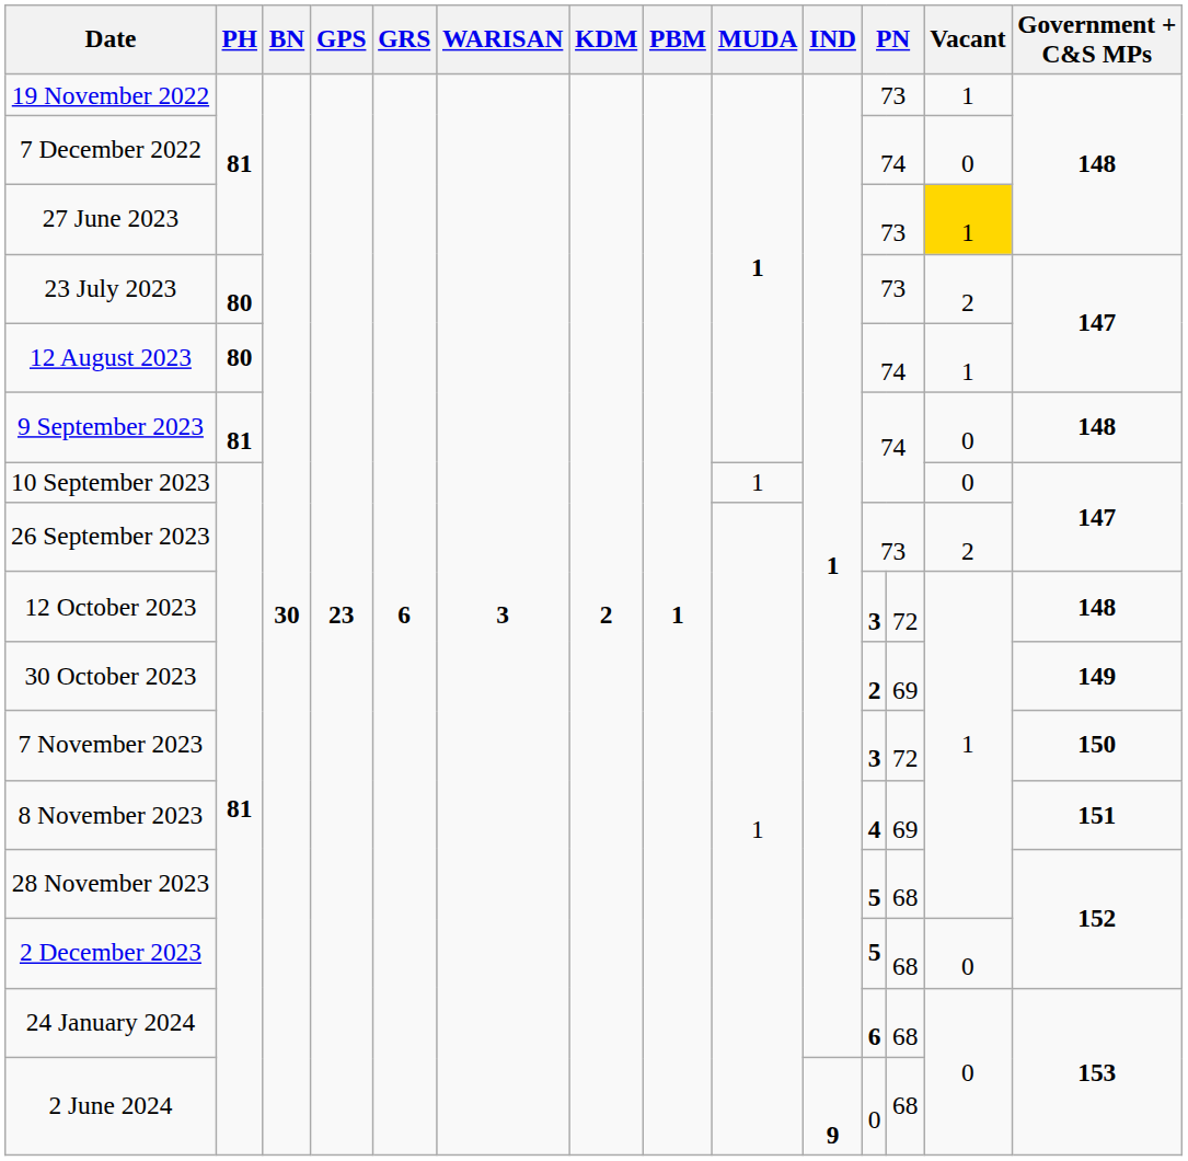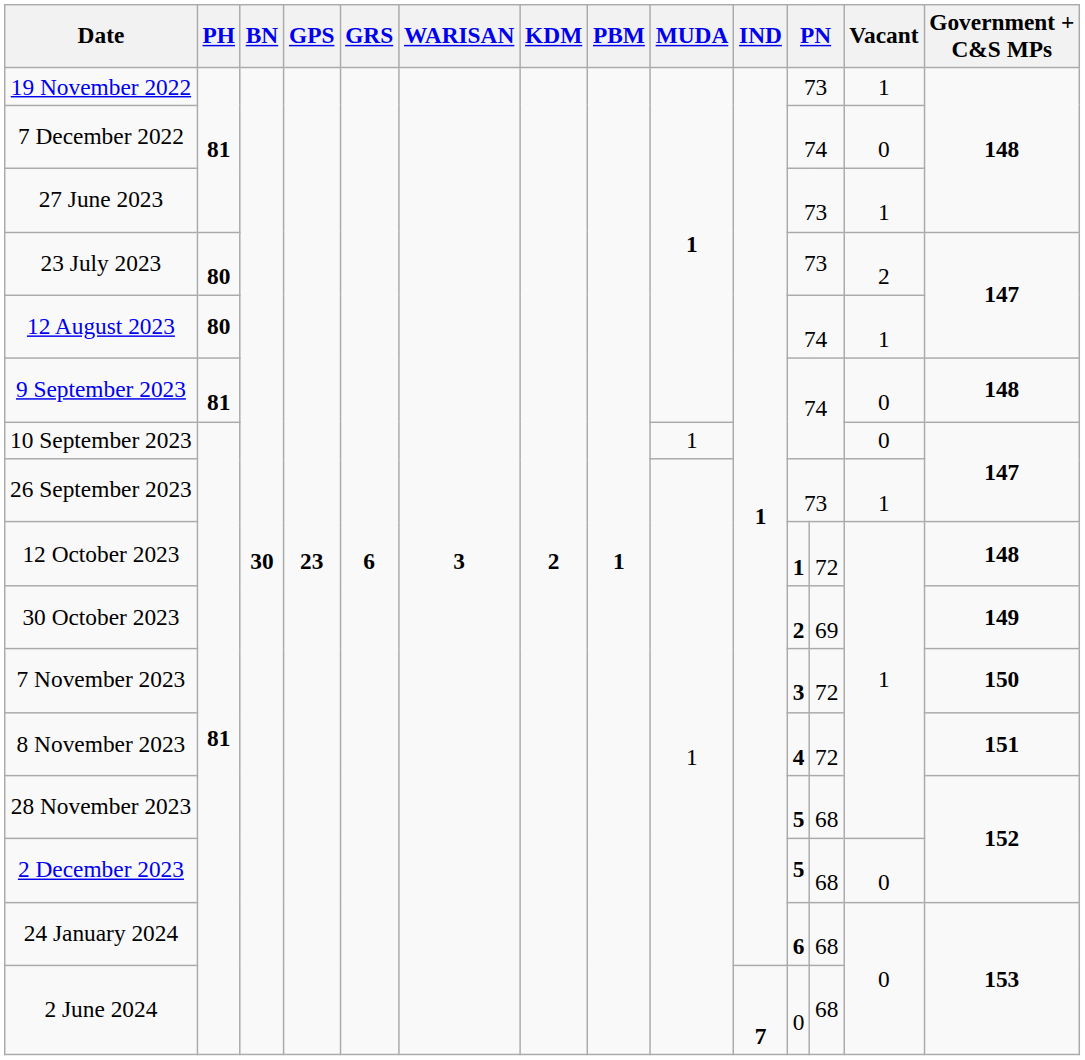 <table class="wikitable" style="text-align:center">
 <tr>
 <th>Date</th>
 <th><a href='#'>PH</a></th>
 <th><a href='#'>BN</a></th>
 <th><a href='#'>GPS</a></th>
 <th><a href='#'>GRS</a></th>
 <th><a href='#'>WARISAN</a></th>
 <th><a href='#'>KDM</a></th>
 <th><a href='#'>PBM</a></th>
 <th><a href='#'>MUDA</a></th>
 <th><a href='#'>IND</a></th>
 <th colspan="2"><a href='#'>PN</a></th>
 <th>Vacant</th>
 <th>Government  + <br> C&S  MPs</th>
 </tr>
 <tr>
 <td><a href='#'>19 November 2022</a></td>
 <td rowspan="3"><strong>81</strong></td>
 <td rowspan="16"><strong>30</strong></td>
 <td rowspan="16"><strong>23</strong></td>
 <td rowspan="16"><strong>6</strong></td>
 <td rowspan="16"><strong>3</strong></td>
 <td rowspan="16"><strong>2</strong></td>
 <td rowspan="16"><strong>1</strong></td>
 <td rowspan="6"><strong>1</strong></td>
 <td rowspan="15"><strong>1</strong> </td>
 <td colspan="2">73</td>
 <td>1 </td>
 <td rowspan="3"><strong>148</strong></td>
 </tr>
 <tr>
 <td>7 December 2022</td>
 <td colspan="2"> <br> 74</td>
 <td> <br> 0</td>
 </tr>
 <tr>
 <td>27 June 2023</td>
 <td colspan="2"> <br> 73</td>
-<td style="background: gold;"> <br> 1</td>
+<td> <br> 1</td>
 </tr>
 <tr>
 <td>23 July 2023</td>
 <td> <br> <strong>80</strong></td>
 <td colspan="2">73</td>
 <td> <br> 2</td>
 <td rowspan="2"><strong>147</strong></td>
 </tr>
 <tr>
 <td><a href='#'>12 August 2023</a></td>
 <td><strong>80</strong></td>
 <td colspan="2"> <br> 74</td>
 <td> <br> 1</td>
 </tr>
 <tr>
 <td><a href='#'>9 September 2023</a></td>
 <td> <br> <strong>81</strong></td>
 <td rowspan="2" colspan="2">74</td>
 <td> <br> 0</td>
 <td><strong>148</strong></td>
 </tr>
 <tr>
 <td>10 September 2023</td>
 <td rowspan=10><strong>81</strong></td>
 <td>1 <br></td>
 <td>0</td>
 <td rowspan="2"><strong>147</strong></td>
 </tr>
 <tr>
 <td>26 September 2023</td>
 <td rowspan="9">1</td>
 <td colspan="2"> <br> 73</td>
-<td> <br> 2</td>
+<td> <br> 1</td>
 </tr>
 <tr>
 <td>12 October 2023</td>
-<td> <br> <strong>3</strong></td>
+<td> <br> <strong>1</strong></td>
 <td> <br> 72</td>
 <td rowspan="5">1</td>
 <td><strong>148</strong></td>
 </tr>
 <tr>
 <td>30 October 2023</td>
 <td> <br> <strong>2</strong></td>
 <td> <br> 69</td>
 <td><strong>149</strong></td>
 </tr>
 <tr>
 <td>7 November 2023</td>
 <td> <br> <strong>3</strong></td>
 <td> <br> 72</td>
 <td><strong>150</strong></td>
 </tr>
 <tr>
 <td>8 November 2023</td>
 <td> <br> <strong>4</strong></td>
-<td> <br> 69</td>
+<td> <br> 72</td>
 <td><strong>151</strong></td>
 </tr>
 <tr>
 <td>28 November 2023</td>
 <td> <br> <strong>5</strong></td>
 <td> <br> 68</td>
 <td rowspan="2"><strong>152</strong></td>
 </tr>
 <tr>
 <td><a href='#'>2 December 2023</a></td>
 <td><strong>5</strong></td>
 <td> <br> 68</td>
 <td> <br> 0</td>
 </tr>
 <tr>
 <td>24 January 2024</td>
 <td> <br> <strong>6</strong></td>
 <td> <br> 68</td>
 <td rowspan="2">0</td>
 <td rowspan="3"><strong>153</strong></td>
 </tr>
 <tr>
 <td>2 June 2024</td>
-<td> <br><br><strong>9</strong></td>
+<td> <br><br><strong>7</strong></td>
 <td> <br>0</td>
 <td>68</td>
 </tr>
 </table>
